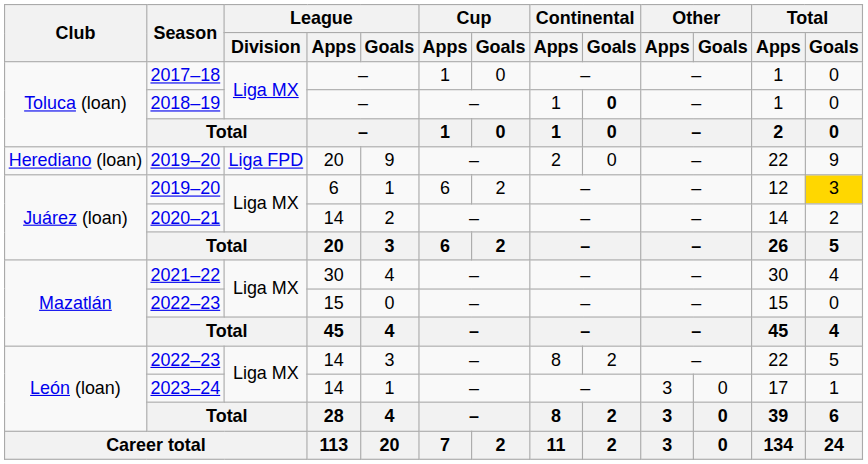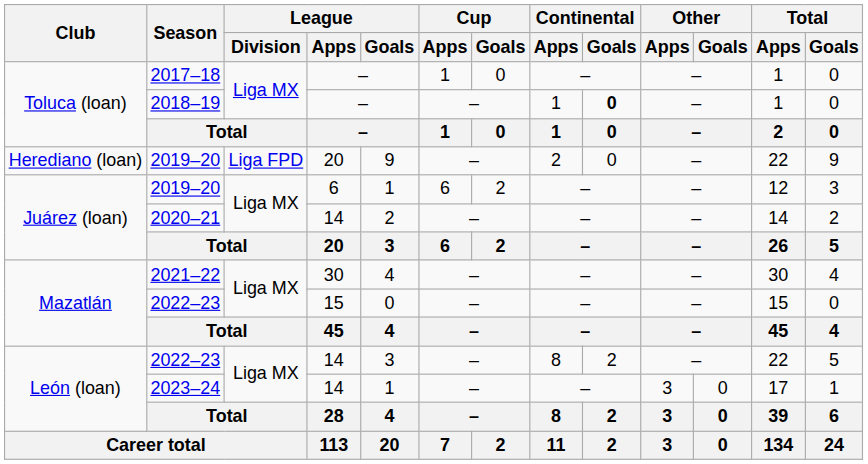 <table class="wikitable" style="text-align: center">
 <tr>
 <th rowspan="2">Club</th>
 <th rowspan="2">Season</th>
 <th colspan="3">League</th>
 <th colspan="2">Cup</th>
 <th colspan="2">Continental</th>
 <th colspan="2">Other</th>
 <th colspan="2">Total</th>
 </tr>
 <tr>
 <th>Division</th>
 <th>Apps</th>
 <th>Goals</th>
 <th>Apps</th>
 <th>Goals</th>
 <th>Apps</th>
 <th>Goals</th>
 <th>Apps</th>
 <th>Goals</th>
 <th>Apps</th>
 <th>Goals</th>
 </tr>
 <tr>
 <td rowspan="3"><a href='#'>Toluca</a> (loan)</td>
 <td><a href='#'>2017–18</a></td>
 <td rowspan="2"><a href='#'>Liga MX</a></td>
 <td colspan="2">–</td>
 <td>1</td>
 <td>0</td>
 <td colspan="2">–</td>
 <td colspan="2">–</td>
 <td>1</td>
 <td>0</td>
 </tr>
 <tr>
 <td><a href='#'>2018–19</a></td>
 <td colspan="2">–</td>
 <td colspan="2">–</td>
 <td>1</td>
 <td><strong>0</strong></td>
 <td colspan="2">–</td>
 <td>1</td>
 <td>0</td>
 </tr>
 <tr>
 <th colspan="2">Total</th>
 <th colspan="2">–</th>
 <th>1</th>
 <th>0</th>
 <th>1</th>
 <th>0</th>
 <th colspan="2">–</th>
 <th>2</th>
 <th>0</th>
 </tr>
 <tr>
 <td><a href='#'>Herediano</a> (loan)</td>
 <td><a href='#'>2019–20</a></td>
 <td><a href='#'>Liga FPD</a></td>
 <td>20</td>
 <td>9</td>
 <td colspan="2">–</td>
 <td>2</td>
 <td>0</td>
 <td colspan="2">–</td>
 <td>22</td>
 <td>9</td>
 </tr>
 <tr>
 <td rowspan="3"><a href='#'>Juárez</a> (loan)</td>
 <td><a href='#'>2019–20</a></td>
 <td rowspan="2">Liga MX</td>
 <td>6</td>
 <td>1</td>
 <td>6</td>
 <td>2</td>
 <td colspan="2">–</td>
 <td colspan="2">–</td>
 <td>12</td>
-<td style="background: gold;">3</td>
+<td>3</td>
 </tr>
 <tr>
 <td><a href='#'>2020–21</a></td>
 <td>14</td>
 <td>2</td>
 <td colspan="2">–</td>
 <td colspan="2">–</td>
 <td colspan="2">–</td>
 <td>14</td>
 <td>2</td>
 </tr>
 <tr>
 <th colspan="2">Total</th>
 <th>20</th>
 <th>3</th>
 <th>6</th>
 <th>2</th>
 <th colspan="2">–</th>
 <th colspan="2">–</th>
 <th>26</th>
 <th>5</th>
 </tr>
 <tr>
 <td rowspan="3"><a href='#'>Mazatlán</a></td>
 <td><a href='#'>2021–22</a></td>
 <td rowspan="2">Liga MX</td>
 <td>30</td>
 <td>4</td>
 <td colspan="2">–</td>
 <td colspan="2">–</td>
 <td colspan="2">–</td>
 <td>30</td>
 <td>4</td>
 </tr>
 <tr>
 <td><a href='#'>2022–23</a></td>
 <td>15</td>
 <td>0</td>
 <td colspan="2">–</td>
 <td colspan="2">–</td>
 <td colspan="2">–</td>
 <td>15</td>
 <td>0</td>
 </tr>
 <tr>
 <th colspan="2">Total</th>
 <th>45</th>
 <th>4</th>
 <th colspan="2">–</th>
 <th colspan="2">–</th>
 <th colspan="2">–</th>
 <th>45</th>
 <th>4</th>
 </tr>
 <tr>
 <td rowspan="3"><a href='#'>León</a> (loan)</td>
 <td><a href='#'>2022–23</a></td>
 <td rowspan="2">Liga MX</td>
 <td>14</td>
 <td>3</td>
 <td colspan="2">–</td>
 <td>8</td>
 <td>2</td>
 <td colspan="2">–</td>
 <td>22</td>
 <td>5</td>
 </tr>
 <tr>
 <td><a href='#'>2023–24</a></td>
 <td>14</td>
 <td>1</td>
 <td colspan="2">–</td>
 <td colspan="2">–</td>
 <td>3</td>
 <td>0</td>
 <td>17</td>
 <td>1</td>
 </tr>
 <tr>
 <th colspan="2">Total</th>
 <th>28</th>
 <th>4</th>
 <th colspan="2">–</th>
 <th>8</th>
 <th>2</th>
 <th>3</th>
 <th>0</th>
 <th>39</th>
 <th>6</th>
 </tr>
 <tr>
 <th colspan=3>Career total</th>
 <th>113</th>
 <th>20</th>
 <th>7</th>
 <th>2</th>
 <th>11</th>
 <th>2</th>
 <th>3</th>
 <th>0</th>
 <th>134</th>
 <th>24</th>
 </tr>
 </table>
